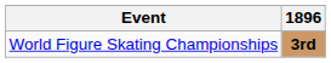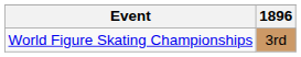 <table class="wikitable" style="text-align:center">
 <tr>
 </tr>
 <tr>
 <th>Event</th>
 <th>1896</th>
 </tr>
 <tr>
 <td align=left><a href='#'>World Figure Skating Championships</a></td>
-<td bgcolor=cc9966><strong>3rd</strong></td>
+<td bgcolor=cc9966>3rd</td>
 </tr>
 </table>
